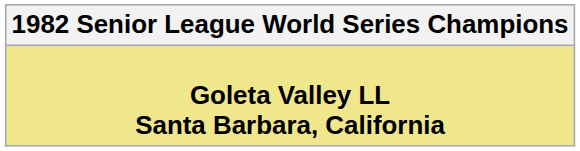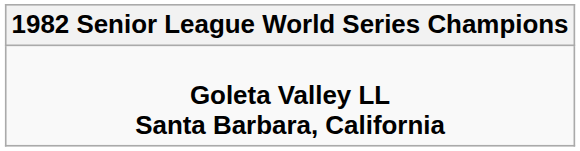 <table class="wikitable" style="text-align: center; margin: 0 auto;">
 <tr>
 <th>1982 Senior League World Series Champions</th>
 </tr>
 <tr>
-<td style="background: khaki;"><br><strong>Goleta Valley LL</strong><br><strong>Santa Barbara, California</strong></td>
+<td><br><strong>Goleta Valley LL</strong><br><strong>Santa Barbara, California</strong></td>
 </tr>
 </table>
